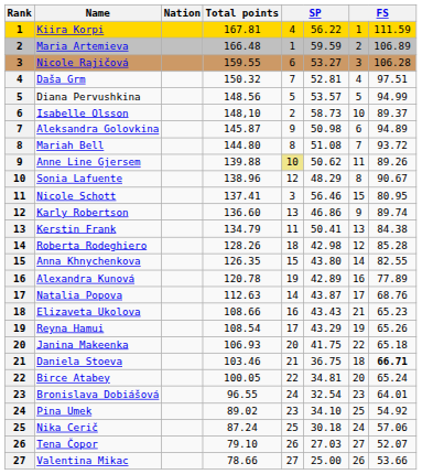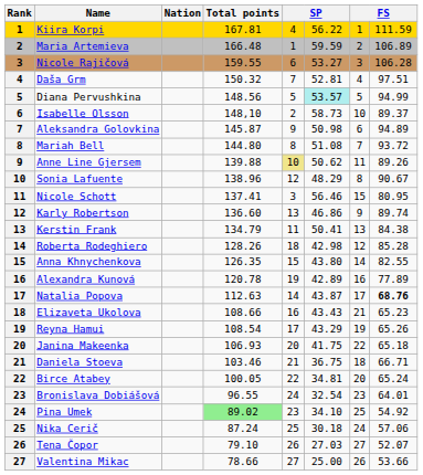 <table class="wikitable sortable">
 <tr>
 <th>Rank</th>
 <th>Name</th>
 <th>Nation</th>
 <th>Total points</th>
 <th colspan="2" width="80px"><a href='#'>SP</a></th>
 <th colspan="2" width="80px"><a href='#'>FS</a></th>
 </tr>
 <tr bgcolor=gold>
 <td align=center><strong>1</strong></td>
 <td><a href='#'>Kiira Korpi</a></td>
 <td></td>
 <td align="center">167.81</td>
 <td align="center">4</td>
 <td align="center">56.22</td>
 <td align="center">1</td>
 <td align="center">111.59</td>
 </tr>
 <tr bgcolor=silver>
 <td align=center><strong>2</strong></td>
 <td><a href='#'>Maria Artemieva</a></td>
 <td></td>
 <td align=center>166.48</td>
 <td align=center>1</td>
 <td align=center>59.59</td>
 <td align=center>2</td>
 <td align=center>106.89</td>
 </tr>
 <tr bgcolor=cc9966>
 <td align=center><strong>3</strong></td>
 <td><a href='#'>Nicole Rajičová</a></td>
 <td></td>
 <td align=center>159.55</td>
 <td align=center>6</td>
 <td align=center>53.27</td>
 <td align=center>3</td>
 <td align=center>106.28</td>
 </tr>
 <tr>
 <th>4</th>
 <td><a href='#'>Daša Grm</a></td>
 <td></td>
 <td align=center>150.32</td>
 <td align=center>7</td>
 <td align=center>52.81</td>
 <td align=center>4</td>
 <td align=center>97.51</td>
 </tr>
 <tr>
 <th>5</th>
 <td>Diana Pervushkina</td>
 <td></td>
 <td align=center>148.56</td>
 <td align=center>5</td>
-<td align=center>53.57</td>
+<td align=center style="background: paleturquoise;">53.57</td>
 <td align=center>5</td>
 <td align=center>94.99</td>
 </tr>
 <tr>
 <th>6</th>
 <td><a href='#'>Isabelle Olsson</a></td>
 <td></td>
 <td align=center>148,10</td>
 <td align=center>2</td>
 <td align=center>58.73</td>
 <td align=center>10</td>
 <td align=center>89.37</td>
 </tr>
 <tr>
 <th>7</th>
 <td><a href='#'>Aleksandra Golovkina</a></td>
 <td></td>
 <td align=center>145.87</td>
 <td align=center>9</td>
 <td align=center>50.98</td>
 <td align=center>6</td>
 <td align=center>94.89</td>
 </tr>
 <tr>
 <th>8</th>
 <td><a href='#'>Mariah Bell</a></td>
 <td></td>
 <td align=center>144.80</td>
 <td align=center>8</td>
 <td align=center>51.08</td>
 <td align=center>7</td>
 <td align=center>93.72</td>
 </tr>
 <tr>
 <th>9</th>
 <td><a href='#'>Anne Line Gjersem</a></td>
 <td></td>
 <td align=center>139.88</td>
 <td align=center style="background: khaki;">10</td>
 <td align=center>50.62</td>
 <td align=center>11</td>
 <td align=center>89.26</td>
 </tr>
 <tr>
 <th>10</th>
 <td><a href='#'>Sonia Lafuente</a></td>
 <td></td>
 <td align=center>138.96</td>
 <td align=center>12</td>
 <td align=center>48.29</td>
 <td align=center>8</td>
 <td align=center>90.67</td>
 </tr>
 <tr>
 <th>11</th>
 <td><a href='#'>Nicole Schott</a></td>
 <td></td>
 <td align=center>137.41</td>
 <td align=center>3</td>
 <td align=center>56.46</td>
 <td align=center>15</td>
 <td align=center>80.95</td>
 </tr>
 <tr>
 <th>12</th>
 <td><a href='#'>Karly Robertson</a></td>
 <td></td>
 <td align=center>136.60</td>
 <td align=center>13</td>
 <td align=center>46.86</td>
 <td align=center>9</td>
 <td align=center>89.74</td>
 </tr>
 <tr>
 <th>13</th>
 <td><a href='#'>Kerstin Frank</a></td>
 <td></td>
 <td align=center>134.79</td>
 <td align=center>11</td>
 <td align=center>50.41</td>
 <td align=center>13</td>
 <td align=center>84.38</td>
 </tr>
 <tr>
 <th>14</th>
 <td><a href='#'>Roberta Rodeghiero</a></td>
 <td></td>
 <td align=center>128.26</td>
 <td align=center>18</td>
 <td align=center>42.98</td>
 <td align=center>12</td>
 <td align=center>85.28</td>
 </tr>
 <tr>
 <th>15</th>
 <td><a href='#'>Anna Khnychenkova</a></td>
 <td></td>
 <td align=center>126.35</td>
 <td align=center>15</td>
 <td align=center>43.80</td>
 <td align=center>14</td>
 <td align=center>82.55</td>
 </tr>
 <tr>
 <th>16</th>
 <td><a href='#'>Alexandra Kunová</a></td>
 <td></td>
 <td align=center>120.78</td>
 <td align=center>19</td>
 <td align=center>42.89</td>
 <td align=center>16</td>
 <td align=center>77.89</td>
 </tr>
 <tr>
 <th>17</th>
 <td><a href='#'>Natalia Popova</a></td>
 <td></td>
 <td align=center>112.63</td>
 <td align=center>14</td>
 <td align=center>43.87</td>
 <td align=center>17</td>
-<td align=center>68.76</td>
+<td align=center><strong>68.76</strong></td>
 </tr>
 <tr>
 <th>18</th>
 <td><a href='#'>Elizaveta Ukolova</a></td>
 <td></td>
 <td align=center>108.66</td>
 <td align=center>16</td>
 <td align=center>43.43</td>
 <td align=center>21</td>
 <td align=center>65.23</td>
 </tr>
 <tr>
 <th>19</th>
 <td><a href='#'>Reyna Hamui</a></td>
 <td></td>
 <td align=center>108.54</td>
 <td align=center>17</td>
 <td align=center>43.29</td>
 <td align=center>19</td>
 <td align=center>65.26</td>
 </tr>
 <tr>
 <th>20</th>
 <td><a href='#'>Janina Makeenka</a></td>
 <td></td>
 <td align=center>106.93</td>
 <td align=center>20</td>
 <td align=center>41.75</td>
 <td align=center>22</td>
 <td align=center>65.18</td>
 </tr>
 <tr>
 <th>21</th>
 <td><a href='#'>Daniela Stoeva</a></td>
 <td></td>
 <td align=center>103.46</td>
 <td align=center>21</td>
 <td align=center>36.75</td>
 <td align=center>18</td>
-<td align=center><strong>66.71</strong></td>
+<td align=center>66.71</td>
 </tr>
 <tr>
 <th>22</th>
 <td><a href='#'>Birce Atabey</a></td>
 <td></td>
 <td align=center>100.05</td>
 <td align=center>22</td>
 <td align=center>34.81</td>
 <td align=center>20</td>
 <td align=center>65.24</td>
 </tr>
 <tr>
 <th>23</th>
 <td><a href='#'>Bronislava Dobiášová</a></td>
 <td></td>
 <td align=center>96.55</td>
 <td align=center>24</td>
 <td align=center>32.54</td>
 <td align=center>23</td>
 <td align=center>64.01</td>
 </tr>
 <tr>
 <th>24</th>
 <td><a href='#'>Pina Umek</a></td>
 <td></td>
-<td align=center>89.02</td>
+<td align=center style="background: lightgreen;">89.02</td>
 <td align=center>23</td>
 <td align=center>34.10</td>
 <td align=center>25</td>
 <td align=center>54.92</td>
 </tr>
 <tr>
 <th>25</th>
 <td><a href='#'>Nika Cerič</a></td>
 <td></td>
 <td align=center>87.24</td>
 <td align=center>25</td>
 <td align=center>30.18</td>
 <td align=center>24</td>
 <td align=center>57.06</td>
 </tr>
 <tr>
 <th>26</th>
 <td><a href='#'>Tena Čopor</a></td>
 <td></td>
 <td align=center>79.10</td>
 <td align=center>26</td>
 <td align=center>27.03</td>
 <td align=center>27</td>
 <td align=center>52.07</td>
 </tr>
 <tr>
 <th>27</th>
 <td><a href='#'>Valentina Mikac</a></td>
 <td></td>
 <td align=center>78.66</td>
 <td align=center>27</td>
 <td align=center>25.00</td>
 <td align=center>26</td>
 <td align=center>53.66</td>
 </tr>
 </table>
